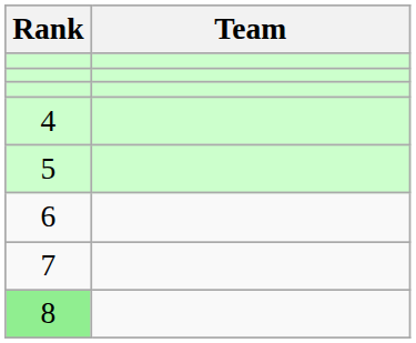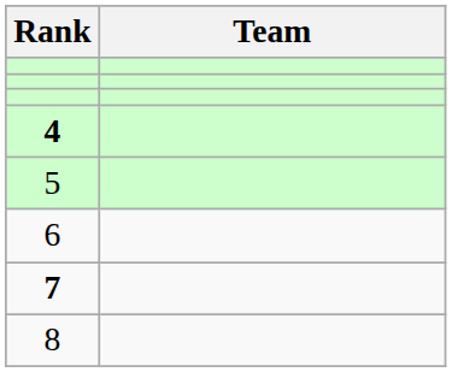 <table class=wikitable style="text-align:center;">
 <tr>
 <th>Rank</th>
 <th width=160>Team</th>
 </tr>
 <tr style="background:#ccffcc">
 <td></td>
 <td align=left></td>
 </tr>
 <tr style="background:#ccffcc">
 <td></td>
 <td align=left></td>
 </tr>
 <tr style="background:#ccffcc">
 <td></td>
 <td align=left></td>
 </tr>
 <tr style="background:#ccffcc">
-<td>4</td>
+<td><strong>4</strong></td>
 <td align=left></td>
 </tr>
 <tr style="background:#ccffcc">
 <td>5</td>
 <td align=left></td>
 </tr>
 <tr>
 <td>6</td>
 <td align=left></td>
 </tr>
 <tr>
-<td>7</td>
+<td><strong>7</strong></td>
 <td align=left></td>
 </tr>
 <tr>
-<td style="background: lightgreen;">8</td>
+<td>8</td>
 <td align=left></td>
 </tr>
 </table>
